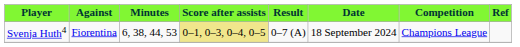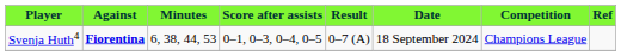 <table class="wikitable">
 <tr>
 <th style="background:#81F733; color:#003333; ">Player</th>
 <th style="background:#81F733; color:#003333; ">Against</th>
 <th style="background:#81F733; color:#003333; text-align:center; ">Minutes</th>
 <th style="background:#81F733; color:#003333; text-align:center; ">Score after assists</th>
 <th style="background:#81F733; color:#003333; text-align:center; ">Result</th>
 <th style="background:#81F733; color:#003333; ">Date</th>
 <th style="background:#81F733; color:#003333; text-align:center; ">Competition</th>
 <th style="background:#81F733; color:#003333; ">Ref</th>
 </tr>
 <tr>
 <td> <a href='#'>Svenja Huth</a><sup>4</sup></td>
-<td><a href='#'>Fiorentina</a></td>
+<td><strong><a href='#'>Fiorentina</a></strong></td>
 <td style="text-align:center">6, 38, 44, 53</td>
-<td style="background: khaki; text-align:center">0–1, 0–3, 0–4, 0–5</td>
+<td style="text-align:center">0–1, 0–3, 0–4, 0–5</td>
 <td style="text-align:center">0–7 (A)</td>
 <td>18 September 2024</td>
 <td><a href='#'>Champions League</a></td>
 <td></td>
 </tr>
 <tr>
 </tr>
 </table>
